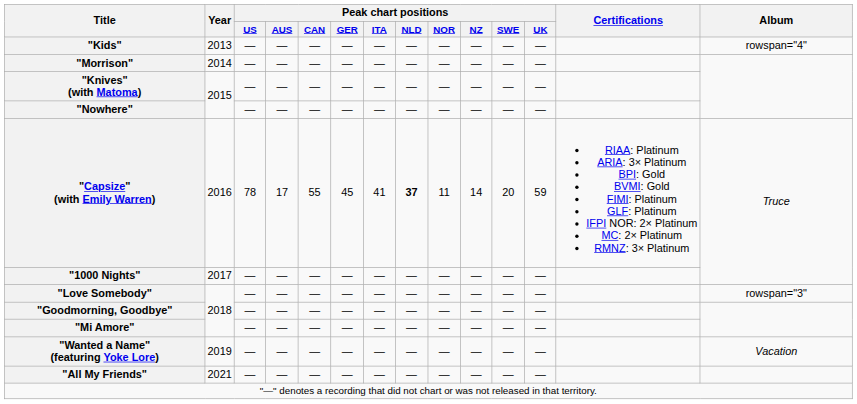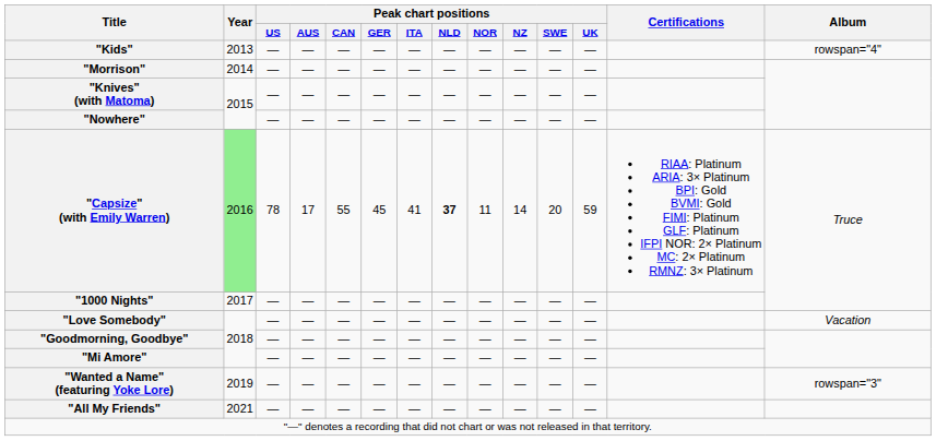 <table class="wikitable plainrowheaders" style="text-align:center;">
 <tr>
 <th scope="col" rowspan="2" style="width:20em;">Title</th>
 <th scope="col" rowspan="2" style="width:1em;">Year</th>
 <th scope="col" colspan="10">Peak chart positions</th>
 <th scope="col" rowspan="2" style="width:14em;"><a href='#'>Certifications</a></th>
 <th scope="col" rowspan="2" style="width:15em;">Album</th>
 </tr>
 <tr>
 <th scope="col" style="width:3em;font-size:90%;"><a href='#'>US</a><br></th>
 <th scope="col" style="width:3em;font-size:90%;"><a href='#'>AUS</a><br></th>
 <th scope="col" style="width:3em;font-size:90%;"><a href='#'>CAN</a><br></th>
 <th scope="col" style="width:3em;font-size:90%;"><a href='#'>GER</a><br></th>
 <th scope="col" style="width:3em;font-size:90%;"><a href='#'>ITA</a><br></th>
 <th scope="col" style="width:3em;font-size:90%;"><a href='#'>NLD</a><br></th>
 <th scope="col" style="width:3em;font-size:90%;"><a href='#'>NOR</a><br></th>
 <th scope="col" style="width:3em;font-size:90%;"><a href='#'>NZ</a><br></th>
 <th scope="col" style="width:3em;font-size:90%;"><a href='#'>SWE</a><br></th>
 <th scope="col" style="width:3em;font-size:90%;"><a href='#'>UK</a><br></th>
 </tr>
 <tr>
 <th scope="row">"Kids"</th>
 <td>2013</td>
 <td>—</td>
 <td>—</td>
 <td>—</td>
 <td>—</td>
 <td>—</td>
 <td>—</td>
 <td>—</td>
 <td>—</td>
 <td>—</td>
 <td>—</td>
 <td></td>
 <td>rowspan="4" </td>
 </tr>
 <tr>
 <th scope="row">"Morrison"</th>
 <td>2014</td>
 <td>—</td>
 <td>—</td>
 <td>—</td>
 <td>—</td>
 <td>—</td>
 <td>—</td>
 <td>—</td>
 <td>—</td>
 <td>—</td>
 <td>—</td>
 <td></td>
 </tr>
 <tr>
 <th scope="row">"Knives"<br><span>(with <a href='#'>Matoma</a>)</span></th>
 <td rowspan="2">2015</td>
 <td>—</td>
 <td>—</td>
 <td>—</td>
 <td>—</td>
 <td>—</td>
 <td>—</td>
 <td>—</td>
 <td>—</td>
 <td>—</td>
 <td>—</td>
 <td></td>
 </tr>
 <tr>
 <th scope="row">"Nowhere"</th>
 <td>—</td>
 <td>—</td>
 <td>—</td>
 <td>—</td>
 <td>—</td>
 <td>—</td>
 <td>—</td>
 <td>—</td>
 <td>—</td>
 <td>—</td>
 <td></td>
 </tr>
 <tr>
 <th scope="row">"<a href='#'>Capsize</a>"<br><span>(with <a href='#'>Emily Warren</a>)</span></th>
-<td>2016</td>
+<td style="background: lightgreen;">2016</td>
 <td>78</td>
 <td>17</td>
 <td>55</td>
 <td>45</td>
 <td>41</td>
 <td><strong>37</strong></td>
 <td>11</td>
 <td>14</td>
 <td>20</td>
 <td>59</td>
 <td><br><ul><li><a href='#'>RIAA</a>: Platinum</li><li><a href='#'>ARIA</a>: 3× Platinum</li><li><a href='#'>BPI</a>: Gold</li><li><a href='#'>BVMI</a>: Gold</li><li><a href='#'>FIMI</a>: Platinum</li><li><a href='#'>GLF</a>: Platinum</li><li><a href='#'>IFPI</a> NOR: 2× Platinum</li><li><a href='#'>MC</a>: 2× Platinum</li><li><a href='#'>RMNZ</a>: 3× Platinum</li></ul></td>
 <td rowspan="2"><em>Truce</em></td>
 </tr>
 <tr>
 <th scope="row">"1000 Nights"</th>
 <td>2017</td>
 <td>—</td>
 <td>—</td>
 <td>—</td>
 <td>—</td>
 <td>—</td>
 <td>—</td>
 <td>—</td>
 <td>—</td>
 <td>—</td>
 <td>—</td>
 <td></td>
 </tr>
 <tr>
 <th scope="row">"Love Somebody"</th>
 <td rowspan="3">2018</td>
 <td>—</td>
 <td>—</td>
 <td>—</td>
 <td>—</td>
 <td>—</td>
 <td>—</td>
 <td>—</td>
 <td>—</td>
 <td>—</td>
 <td>—</td>
 <td></td>
-<td>rowspan="3" </td>
+<td><em>Vacation</em></td>
 </tr>
 <tr>
 <th scope="row">"Goodmorning, Goodbye"</th>
 <td>—</td>
 <td>—</td>
 <td>—</td>
 <td>—</td>
 <td>—</td>
 <td>—</td>
 <td>—</td>
 <td>—</td>
 <td>—</td>
 <td>—</td>
 <td></td>
 </tr>
 <tr>
 <th scope="row">"Mi Amore"</th>
 <td>—</td>
 <td>—</td>
 <td>—</td>
 <td>—</td>
 <td>—</td>
 <td>—</td>
 <td>—</td>
 <td>—</td>
 <td>—</td>
 <td>—</td>
 <td></td>
 </tr>
 <tr>
 <th scope="row">"Wanted a Name"<br><span>(featuring <a href='#'>Yoke Lore</a>)</span></th>
 <td>2019</td>
 <td>—</td>
 <td>—</td>
 <td>—</td>
 <td>—</td>
 <td>—</td>
 <td>—</td>
 <td>—</td>
 <td>—</td>
 <td>—</td>
 <td>—</td>
 <td></td>
-<td><em>Vacation</em></td>
+<td>rowspan="3" </td>
 </tr>
 <tr>
 <th scope="row">"All My Friends"</th>
 <td>2021</td>
 <td>—</td>
 <td>—</td>
 <td>—</td>
 <td>—</td>
 <td>—</td>
 <td>—</td>
 <td>—</td>
 <td>—</td>
 <td>—</td>
 <td>—</td>
 <td></td>
 <td></td>
 </tr>
 <tr>
 <td colspan="15" style="font-size:90%">"—" denotes a recording that did not chart or was not released in that territory.</td>
 </tr>
 </table>
